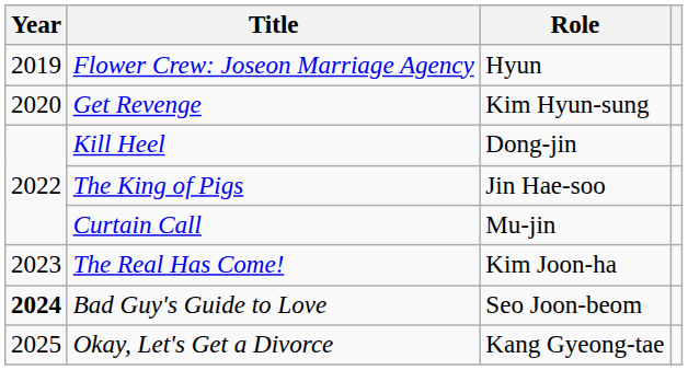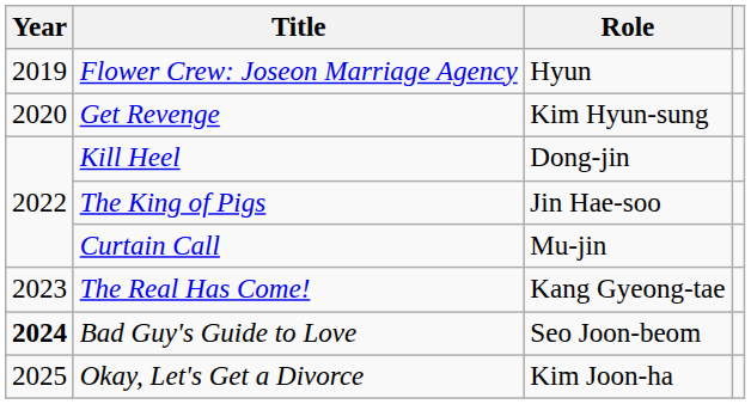 <table class="wikitable">
 <tr>
 <th>Year</th>
 <th>Title</th>
 <th>Role</th>
 <th></th>
 </tr>
 <tr>
 <td>2019</td>
 <td><em><a href='#'>Flower Crew: Joseon Marriage Agency</a></em></td>
 <td>Hyun</td>
 <td></td>
 </tr>
 <tr>
 <td>2020</td>
 <td><em><a href='#'>Get Revenge</a></em></td>
 <td>Kim Hyun-sung</td>
 <td></td>
 </tr>
 <tr>
 <td rowspan="3'">2022</td>
 <td><em><a href='#'>Kill Heel</a></em></td>
 <td>Dong-jin</td>
 <td></td>
 </tr>
 <tr>
 <td><em><a href='#'>The King of Pigs</a></em></td>
 <td>Jin Hae-soo</td>
 <td></td>
 </tr>
 <tr>
 <td><em><a href='#'>Curtain Call</a></em></td>
 <td>Mu-jin</td>
 <td></td>
 </tr>
 <tr>
 <td>2023</td>
 <td><em><a href='#'>The Real Has Come!</a></em></td>
-<td>Kim Joon-ha</td>
+<td>Kang Gyeong-tae</td>
 <td></td>
 </tr>
 <tr>
 <td><strong>2024</strong></td>
 <td><em>Bad Guy's Guide to Love</em></td>
 <td>Seo Joon-beom</td>
 <td></td>
 </tr>
 <tr>
 <td>2025</td>
 <td><em>Okay, Let's Get a Divorce</em></td>
-<td>Kang Gyeong-tae</td>
+<td>Kim Joon-ha</td>
 <td></td>
 </tr>
 </table>
